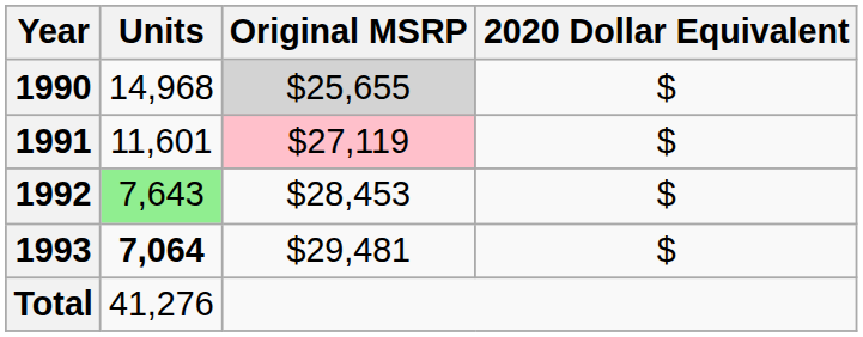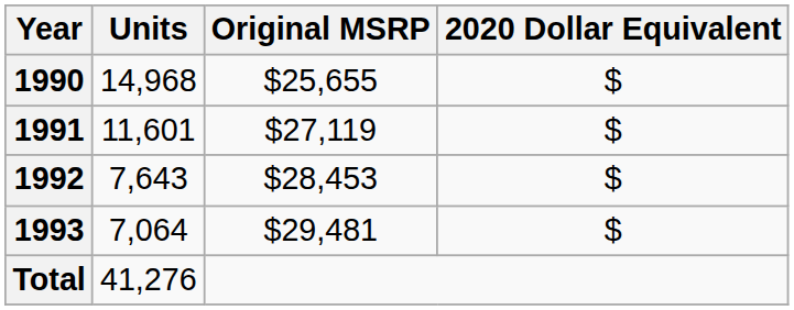 <table class="wikitable" style="text-align: center;">
 <tr>
 <th>Year</th>
 <th>Units</th>
 <th>Original MSRP</th>
 <th>2020 Dollar Equivalent</th>
 </tr>
 <tr>
 <th>1990</th>
 <td>14,968</td>
-<td style="background: lightgrey;">$25,655</td>
+<td>$25,655</td>
 <td>$</td>
 </tr>
 <tr>
 <th>1991</th>
 <td>11,601</td>
-<td style="background: pink;">$27,119</td>
+<td>$27,119</td>
 <td>$</td>
 </tr>
 <tr>
 <th>1992</th>
-<td style="background: lightgreen;">7,643</td>
+<td>7,643</td>
 <td>$28,453</td>
 <td>$</td>
 </tr>
 <tr>
 <th>1993</th>
-<td><strong>7,064</strong></td>
+<td>7,064</td>
 <td>$29,481</td>
 <td>$</td>
 </tr>
 <tr>
 <th>Total</th>
 <td>41,276</td>
 <td colspan="2"></td>
 </tr>
 </table>
